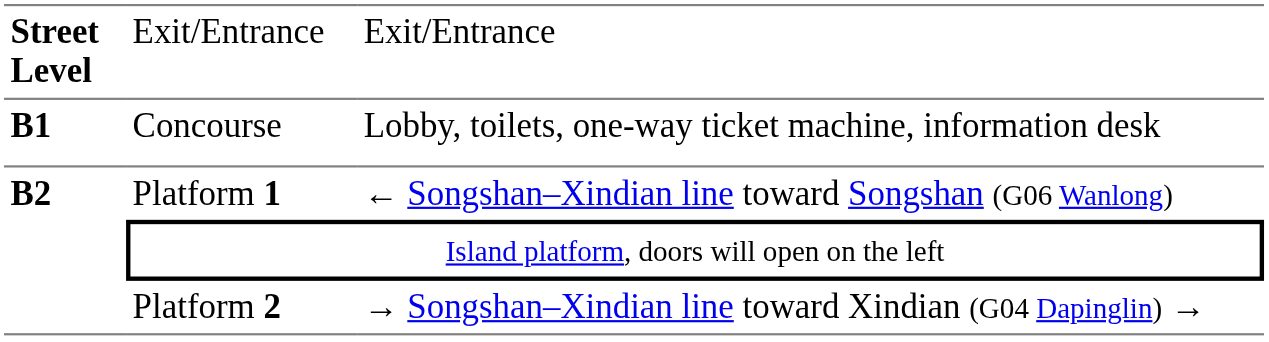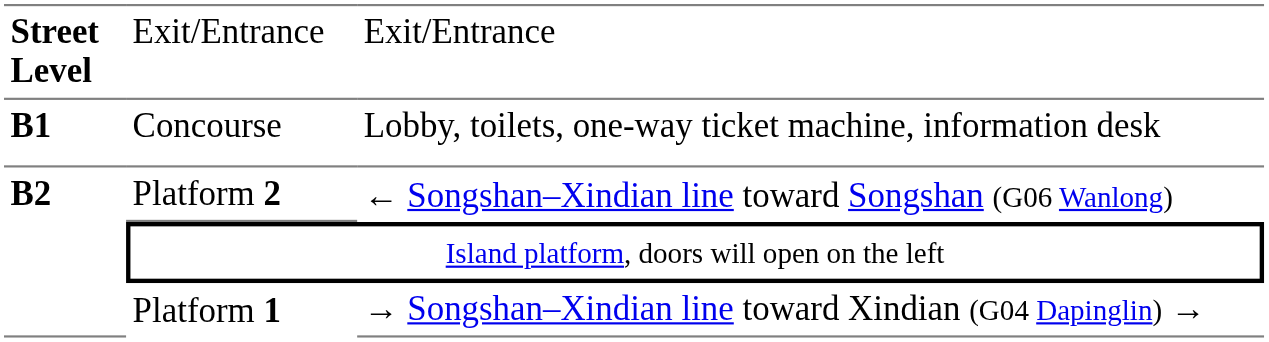 <table table border=0 cellspacing=0 cellpadding=3>
 <tr>
 <td style="border-bottom:solid 1px gray;border-top:solid 1px gray;" width=50 valign=top><strong>Street Level</strong></td>
 <td style="border-top:solid 1px gray;border-bottom:solid 1px gray;" width=100 valign=top>Exit/Entrance</td>
 <td style="border-top:solid 1px gray;border-bottom:solid 1px gray;" width=410 valign=top>Exit/Entrance</td>
 </tr>
 <tr>
 <td style="border-bottom:solid 1px gray;" rowspan=2 valign=top><strong>B1</strong></td>
 <td style="border-bottom:solid 1px gray;" rowspan=2 valign=top>Concourse</td>
 <td width=390>Lobby, toilets, one-way ticket machine, information desk</td>
 </tr>
 <tr>
 <td style="border-bottom:solid 1px gray;"></td>
 </tr>
 <tr>
 <td style="border-bottom:solid 1px gray;" rowspan=3 valign=top><strong>B2</strong></td>
-<td>Platform <span><strong>1</strong></span></td>
+<td style="border-bottom:solid 1px gray;">Platform <span><strong>2</strong></span></td>
 <td>←  <a href='#'>Songshan–Xindian line</a> toward <a href='#'>Songshan</a> <small>(G06 <a href='#'>Wanlong</a>)</small></td>
 </tr>
 <tr>
 <td style="border-top:solid 2px black;border-right:solid 2px black;border-left:solid 2px black;border-bottom:solid 2px black;text-align:center;" colspan=2><small><a href='#'>Island platform</a>, doors will open on the left</small></td>
 </tr>
 <tr>
-<td style="border-bottom:solid 1px gray;">Platform <span><strong>2</strong></span></td>
+<td>Platform <span><strong>1</strong></span></td>
 <td style="border-bottom:solid 1px gray;"><span>→</span>  <a href='#'>Songshan–Xindian line</a> toward Xindian <small>(G04 <a href='#'>Dapinglin</a>)</small> →</td>
 </tr>
 </table>
